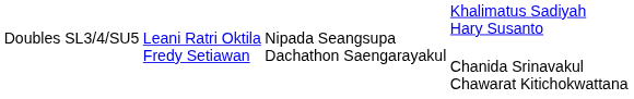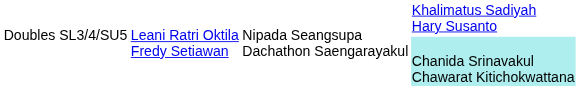 <table>
 <tr>
 <td rowspan=2>Doubles SL3/4/SU5</td>
 <td rowspan=2><br><a href='#'>Leani Ratri Oktila</a><br><a href='#'>Fredy Setiawan</a></td>
 <td rowspan=2><br>Nipada Seangsupa<br>Dachathon Saengarayakul</td>
 <td><br><a href='#'>Khalimatus Sadiyah</a><br><a href='#'>Hary Susanto</a></td>
 </tr>
 <tr>
-<td><br>Chanida Srinavakul<br>Chawarat Kitichokwattana</td>
+<td style="background: paleturquoise;"><br>Chanida Srinavakul<br>Chawarat Kitichokwattana</td>
 </tr>
 </table>
